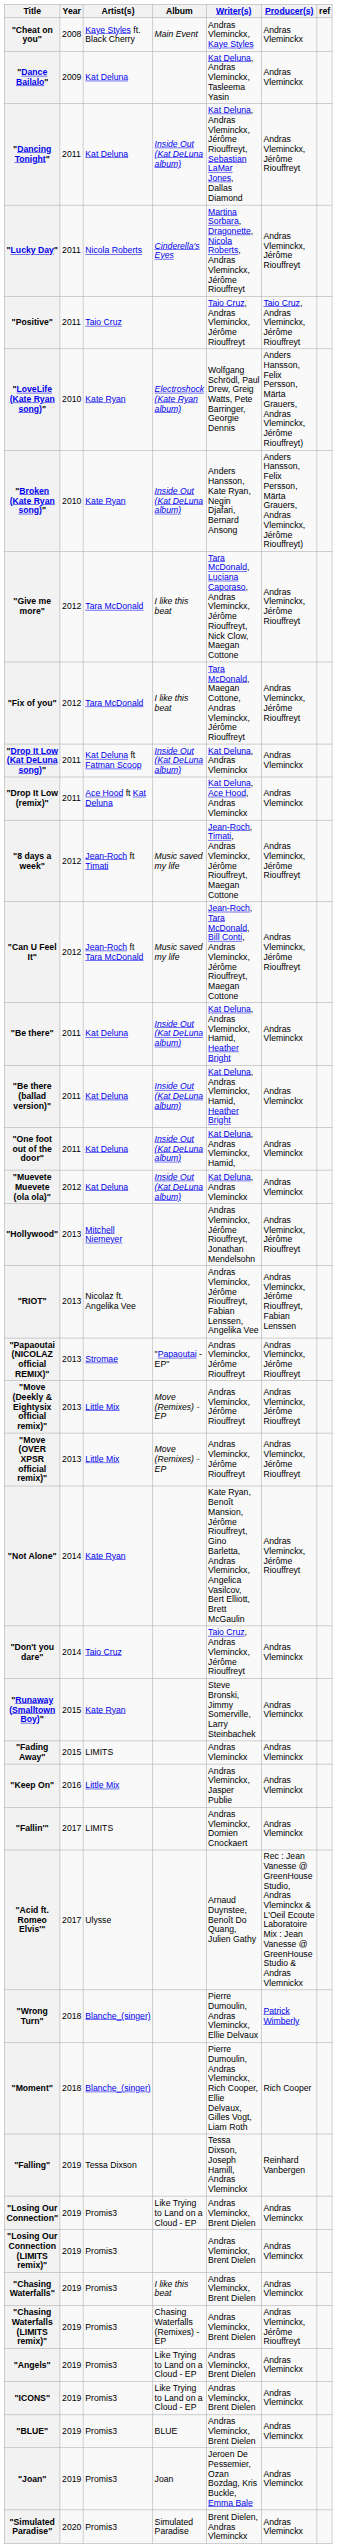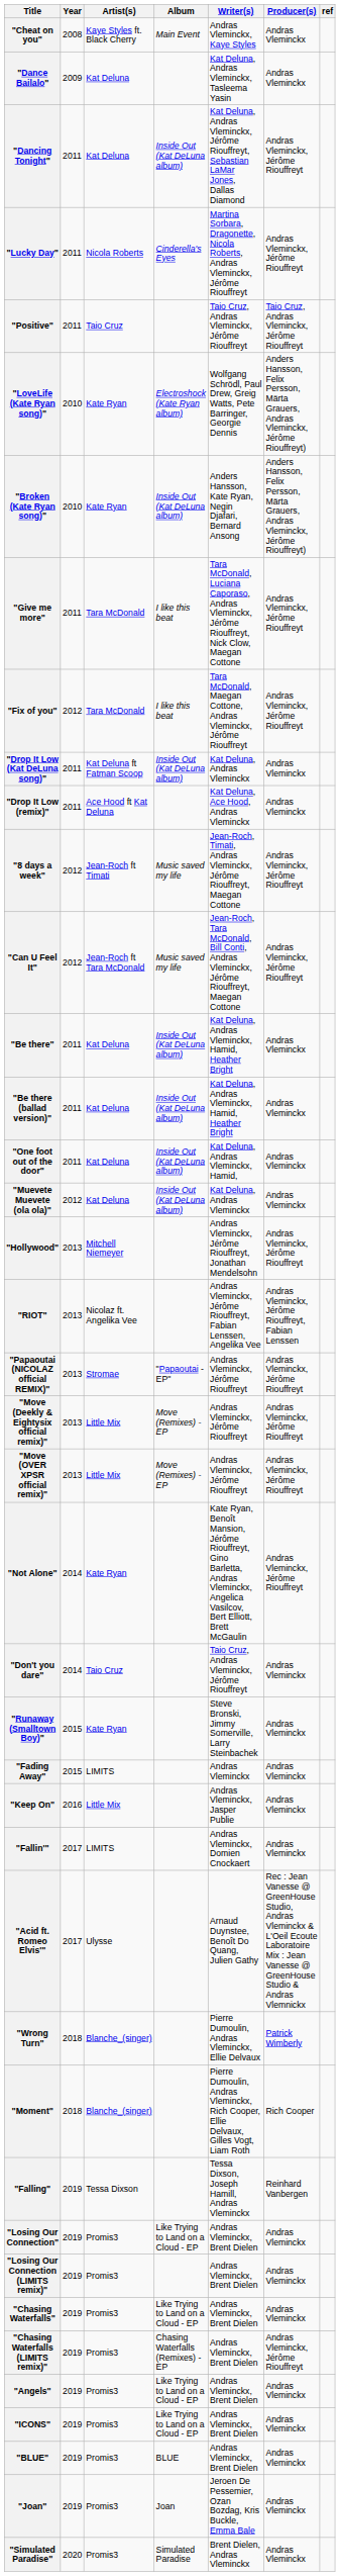 <table class="wikitable plainrowheaders sortable">
 <tr>
 <th scope="col">Title</th>
 <th>Year</th>
 <th>Artist(s)</th>
 <th>Album</th>
 <th class="unsortable" style="width:250px;"><a href='#'>Writer(s)</a></th>
 <th class="unsortable" style="width:200px;"><a href='#'>Producer(s)</a></th>
 <th class="unsortable">ref</th>
 </tr>
 <tr>
 <th scope="row">"Cheat on you"</th>
 <td>2008</td>
 <td><a href='#'>Kaye Styles</a> ft. Black Cherry</td>
 <td><em>Main Event</em></td>
 <td>Andras Vleminckx, <a href='#'>Kaye Styles</a></td>
 <td>Andras Vleminckx</td>
 <td></td>
 </tr>
 <tr>
 <th scope="row">"<a href='#'>Dance Bailalo</a>"</th>
 <td>2009</td>
 <td><a href='#'>Kat Deluna</a></td>
 <td></td>
 <td><a href='#'>Kat Deluna</a>, Andras Vleminckx, Tasleema Yasin</td>
 <td>Andras Vleminckx</td>
 <td></td>
 </tr>
 <tr>
 <th scope="row">"<a href='#'>Dancing Tonight</a>"</th>
 <td>2011</td>
 <td><a href='#'>Kat Deluna</a></td>
 <td><em><a href='#'>Inside Out (Kat DeLuna album)</a></em></td>
 <td><a href='#'>Kat Deluna</a>, Andras Vleminckx, Jérôme Riouffreyt, <a href='#'>Sebastian LaMar Jones</a>, Dallas Diamond</td>
 <td>Andras Vleminckx, Jérôme Riouffreyt</td>
 <td></td>
 </tr>
 <tr>
 <th scope="row">"<a href='#'>Lucky Day</a>"</th>
 <td>2011</td>
 <td><a href='#'>Nicola Roberts</a></td>
 <td><em><a href='#'>Cinderella's Eyes</a></em></td>
 <td><a href='#'>Martina Sorbara</a>, <a href='#'>Dragonette</a>, <a href='#'>Nicola Roberts</a>, Andras Vleminckx, Jérôme Riouffreyt</td>
 <td>Andras Vleminckx, Jérôme Riouffreyt</td>
 <td></td>
 </tr>
 <tr>
 <th scope="row">"Positive"</th>
 <td>2011</td>
 <td><a href='#'>Taio Cruz</a></td>
 <td></td>
 <td><a href='#'>Taio Cruz</a>, Andras Vleminckx, Jérôme Riouffreyt</td>
 <td><a href='#'>Taio Cruz</a>, Andras Vleminckx, Jérôme Riouffreyt</td>
 <td></td>
 </tr>
 <tr>
 <th scope="row">"<a href='#'>LoveLife (Kate Ryan song)</a>"</th>
 <td>2010</td>
 <td><a href='#'>Kate Ryan</a></td>
 <td><em><a href='#'>Electroshock (Kate Ryan album)</a></em></td>
 <td>Wolfgang Schrödl, Paul Drew, Greig Watts, Pete Barringer, Georgie Dennis</td>
 <td>Anders Hansson, Felix Persson, Märta Grauers, Andras Vleminckx, Jérôme Riouffreyt)</td>
 <td></td>
 </tr>
 <tr>
 <th scope="row">"<a href='#'>Broken (Kate Ryan song)</a>"</th>
 <td>2010</td>
 <td><a href='#'>Kate Ryan</a></td>
 <td><em><a href='#'>Inside Out (Kat DeLuna album)</a></em></td>
 <td>Anders Hansson, Kate Ryan, Negin Djafari, Bernard Ansong</td>
 <td>Anders Hansson, Felix Persson, Märta Grauers, Andras Vleminckx, Jérôme Riouffreyt)</td>
 <td></td>
 </tr>
 <tr>
 <th scope="row">"Give me more"</th>
-<td>2012</td>
+<td>2011</td>
 <td><a href='#'>Tara McDonald</a></td>
 <td><em>I like this beat</em></td>
 <td><a href='#'>Tara McDonald</a>, <a href='#'>Luciana Caporaso</a>, Andras Vleminckx, Jérôme Riouffreyt, Nick Clow, Maegan Cottone</td>
 <td>Andras Vleminckx, Jérôme Riouffreyt</td>
 <td></td>
 </tr>
 <tr>
 <th scope="row">"Fix of you"</th>
 <td>2012</td>
 <td><a href='#'>Tara McDonald</a></td>
 <td><em>I like this beat</em></td>
 <td><a href='#'>Tara McDonald</a>, Maegan Cottone, Andras Vleminckx, Jérôme Riouffreyt</td>
 <td>Andras Vleminckx, Jérôme Riouffreyt</td>
 <td></td>
 </tr>
 <tr>
 <th scope="row">"<a href='#'>Drop It Low (Kat DeLuna song)</a>"</th>
 <td>2011</td>
 <td><a href='#'>Kat Deluna</a> ft <a href='#'>Fatman Scoop</a></td>
 <td><em><a href='#'>Inside Out (Kat DeLuna album)</a></em></td>
 <td><a href='#'>Kat Deluna</a>, Andras Vleminckx</td>
 <td>Andras Vleminckx</td>
 <td></td>
 </tr>
 <tr>
 <th scope="row">"Drop It Low (remix)"</th>
 <td>2011</td>
 <td><a href='#'>Ace Hood</a> ft <a href='#'>Kat Deluna</a></td>
 <td></td>
 <td><a href='#'>Kat Deluna</a>, <a href='#'>Ace Hood</a>, Andras Vleminckx</td>
 <td>Andras Vleminckx</td>
 <td></td>
 </tr>
 <tr>
 <th scope="row">"8 days a week"</th>
 <td>2012</td>
 <td><a href='#'>Jean-Roch</a> ft <a href='#'>Timati</a></td>
 <td><em>Music saved my life</em></td>
 <td><a href='#'>Jean-Roch</a>, <a href='#'>Timati</a>, Andras Vleminckx, Jérôme Riouffreyt, Maegan Cottone</td>
 <td>Andras Vleminckx, Jérôme Riouffreyt</td>
 <td></td>
 </tr>
 <tr>
 <th scope="row">"Can U Feel It"</th>
 <td>2012</td>
 <td><a href='#'>Jean-Roch</a> ft <a href='#'>Tara McDonald</a></td>
 <td><em>Music saved my life</em></td>
 <td><a href='#'>Jean-Roch</a>, <a href='#'>Tara McDonald</a>, <a href='#'>Bill Conti</a>, Andras Vleminckx, Jérôme Riouffreyt, Maegan Cottone</td>
 <td>Andras Vleminckx, Jérôme Riouffreyt</td>
 <td></td>
 </tr>
 <tr>
 <th scope="row">"Be there"</th>
 <td>2011</td>
 <td><a href='#'>Kat Deluna</a></td>
 <td><em><a href='#'>Inside Out (Kat DeLuna album)</a></em></td>
 <td><a href='#'>Kat Deluna</a>, Andras Vleminckx, Hamid, <a href='#'>Heather Bright</a></td>
 <td>Andras Vleminckx</td>
 <td></td>
 </tr>
 <tr>
 <th scope="row">"Be there (ballad version)"</th>
 <td>2011</td>
 <td><a href='#'>Kat Deluna</a></td>
 <td><em><a href='#'>Inside Out (Kat DeLuna album)</a></em></td>
 <td><a href='#'>Kat Deluna</a>, Andras Vleminckx, Hamid, <a href='#'>Heather Bright</a></td>
 <td>Andras Vleminckx</td>
 <td></td>
 </tr>
 <tr>
 <th scope="row">"One foot out of the door"</th>
 <td>2011</td>
 <td><a href='#'>Kat Deluna</a></td>
 <td><em><a href='#'>Inside Out (Kat DeLuna album)</a></em></td>
 <td><a href='#'>Kat Deluna</a>, Andras Vleminckx, Hamid,</td>
 <td>Andras Vleminckx</td>
 <td></td>
 </tr>
 <tr>
 <th scope="row">"Muevete Muevete (ola ola)"</th>
 <td>2012</td>
 <td><a href='#'>Kat Deluna</a></td>
 <td><em><a href='#'>Inside Out (Kat DeLuna album)</a></em></td>
 <td><a href='#'>Kat Deluna</a>, Andras Vleminckx</td>
 <td>Andras Vleminckx</td>
 <td></td>
 </tr>
 <tr>
 <th scope="row">"Hollywood"</th>
 <td>2013</td>
 <td><a href='#'>Mitchell Niemeyer</a></td>
 <td></td>
 <td>Andras Vleminckx, Jérôme Riouffreyt, Jonathan Mendelsohn</td>
 <td>Andras Vleminckx, Jérôme Riouffreyt</td>
 <td></td>
 </tr>
 <tr>
 <th scope="row">"RIOT"</th>
 <td>2013</td>
 <td>Nicolaz ft. Angelika Vee</td>
 <td></td>
 <td>Andras Vleminckx, Jérôme Riouffreyt, Fabian Lenssen, Angelika Vee</td>
 <td>Andras Vleminckx, Jérôme Riouffreyt, Fabian Lenssen</td>
 <td></td>
 </tr>
 <tr>
 <th scope="row">"Papaoutai (NICOLAZ official REMIX)"</th>
 <td>2013</td>
 <td><a href='#'>Stromae</a></td>
 <td>"<a href='#'>Papaoutai</a> - EP"</td>
 <td>Andras Vleminckx, Jérôme Riouffreyt</td>
 <td>Andras Vleminckx, Jérôme Riouffreyt</td>
 <td></td>
 </tr>
 <tr>
 <th scope="row">"Move (Deekly & Eightysix official remix)"</th>
 <td>2013</td>
 <td><a href='#'>Little Mix</a></td>
 <td><em>Move (Remixes) - EP</em></td>
 <td>Andras Vleminckx, Jérôme Riouffreyt</td>
 <td>Andras Vleminckx, Jérôme Riouffreyt</td>
 <td></td>
 </tr>
 <tr>
 <th scope="row">"Move (OVER XPSR official remix)"</th>
 <td>2013</td>
 <td><a href='#'>Little Mix</a></td>
 <td><em>Move (Remixes) - EP</em></td>
 <td>Andras Vleminckx, Jérôme Riouffreyt</td>
 <td>Andras Vleminckx, Jérôme Riouffreyt</td>
 <td></td>
 </tr>
 <tr>
 <th scope="row">"Not Alone"</th>
 <td>2014</td>
 <td><a href='#'>Kate Ryan</a></td>
 <td></td>
 <td>Kate Ryan, Benoît Mansion, Jérôme Riouffreyt, Gino Barletta, Andras Vleminckx, Angelica Vasilcov, Bert Elliott, Brett McGaulin</td>
 <td>Andras Vleminckx, Jérôme Riouffreyt</td>
 <td></td>
 </tr>
 <tr>
 <th scope="row">"Don't you dare"</th>
 <td>2014</td>
 <td><a href='#'>Taio Cruz</a></td>
 <td></td>
 <td><a href='#'>Taio Cruz</a>, Andras Vleminckx, Jérôme Riouffreyt</td>
 <td>Andras Vleminckx</td>
 <td></td>
 </tr>
 <tr>
 <th scope="row">"<a href='#'>Runaway (Smalltown Boy)</a>"</th>
 <td>2015</td>
 <td><a href='#'>Kate Ryan</a></td>
 <td></td>
 <td>Steve Bronski, Jimmy Somerville, Larry Steinbachek</td>
 <td>Andras Vleminckx</td>
 <td></td>
 </tr>
 <tr>
 <th scope="row">"Fading Away"</th>
 <td>2015</td>
 <td>LIMITS</td>
 <td></td>
 <td>Andras Vleminckx</td>
 <td>Andras Vleminckx</td>
 <td></td>
 </tr>
 <tr>
 <th scope="row">"Keep On"</th>
 <td>2016</td>
 <td><a href='#'>Little Mix</a></td>
 <td></td>
 <td>Andras Vleminckx, Jasper Publie</td>
 <td>Andras Vleminckx</td>
 <td></td>
 </tr>
 <tr>
 <th scope="row">"Fallin'"</th>
 <td>2017</td>
 <td>LIMITS</td>
 <td></td>
 <td>Andras Vleminckx, Domien Cnockaert</td>
 <td>Andras Vleminckx</td>
 <td></td>
 </tr>
 <tr>
 <th scope="row">"Acid ft. Romeo Elvis'"</th>
 <td>2017</td>
 <td>Ulysse</td>
 <td></td>
 <td>Arnaud Duynstee, Benoît Do Quang, Julien Gathy</td>
 <td>Rec : Jean Vanesse @ GreenHouse Studio, Andras Vleminckx & L'Oeil Ecoute Laboratoire<br>Mix : Jean Vanesse @ GreenHouse Studio & Andras Vlemnickx</td>
 <td></td>
 </tr>
 <tr>
 <th scope="row">"Wrong Turn"</th>
 <td>2018</td>
 <td><a href='#'>Blanche_(singer)</a></td>
 <td></td>
 <td>Pierre Dumoulin, Andras Vleminckx, Ellie Delvaux</td>
 <td><a href='#'>Patrick Wimberly</a></td>
 <td></td>
 </tr>
 <tr>
 <th scope="row">"Moment"</th>
 <td>2018</td>
 <td><a href='#'>Blanche_(singer)</a></td>
 <td></td>
 <td>Pierre Dumoulin, Andras Vleminckx, Rich Cooper, Ellie Delvaux, Gilles Vogt, Liam Roth</td>
 <td>Rich Cooper</td>
 <td></td>
 </tr>
 <tr>
 <th scope="row">"Falling"</th>
 <td>2019</td>
 <td>Tessa Dixson</td>
 <td></td>
 <td>Tessa Dixson, Joseph Hamill, Andras Vleminckx</td>
 <td>Reinhard Vanbergen</td>
 <td></td>
 </tr>
 <tr>
 <th scope="row">"Losing Our Connection"</th>
 <td>2019</td>
 <td>Promis3</td>
 <td>Like Trying to Land on a Cloud - EP</td>
 <td>Andras Vleminckx, Brent Dielen</td>
 <td>Andras Vleminckx</td>
 <td></td>
 </tr>
 <tr>
 <th scope="row">"Losing Our Connection (LIMITS remix)"</th>
 <td>2019</td>
 <td>Promis3</td>
 <td></td>
 <td>Andras Vleminckx, Brent Dielen</td>
 <td>Andras Vleminckx</td>
 <td></td>
 </tr>
 <tr>
 <th scope="row">"Chasing Waterfalls"</th>
 <td>2019</td>
 <td>Promis3</td>
-<td><em>I like this beat</em></td>
+<td>Like Trying to Land on a Cloud - EP</td>
 <td>Andras Vleminckx, Brent Dielen</td>
 <td>Andras Vleminckx</td>
 <td></td>
 </tr>
 <tr>
 <th scope="row">"Chasing Waterfalls (LIMITS remix)"</th>
 <td>2019</td>
 <td>Promis3</td>
 <td>Chasing Waterfalls (Remixes) - EP</td>
 <td>Andras Vleminckx, Brent Dielen</td>
 <td>Andras Vleminckx, Jérôme Riouffreyt</td>
 <td></td>
 </tr>
 <tr>
 <th scope="row">"Angels"</th>
 <td>2019</td>
 <td>Promis3</td>
 <td>Like Trying to Land on a Cloud - EP</td>
 <td>Andras Vleminckx, Brent Dielen</td>
 <td>Andras Vleminckx</td>
 <td></td>
 </tr>
 <tr>
 <th scope="row">"ICONS"</th>
 <td>2019</td>
 <td>Promis3</td>
 <td>Like Trying to Land on a Cloud - EP</td>
 <td>Andras Vleminckx, Brent Dielen</td>
 <td>Andras Vleminckx</td>
 <td></td>
 </tr>
 <tr>
 <th scope="row">"BLUE"</th>
 <td>2019</td>
 <td>Promis3</td>
 <td>BLUE</td>
 <td>Andras Vleminckx, Brent Dielen</td>
 <td>Andras Vleminckx</td>
 <td></td>
 </tr>
 <tr>
 <th scope="row">"Joan"</th>
 <td>2019</td>
 <td>Promis3</td>
 <td>Joan</td>
 <td>Jeroen De Pessemier, Ozan Bozdag, Kris Buckle, <a href='#'>Emma Bale</a></td>
 <td>Andras Vleminckx</td>
 <td></td>
 </tr>
 <tr>
 <th scope="row">"Simulated Paradise"</th>
 <td>2020</td>
 <td>Promis3</td>
 <td>Simulated Paradise</td>
 <td>Brent Dielen, Andras Vleminckx</td>
 <td>Andras Vleminckx</td>
 <td></td>
 </tr>
 </table>
